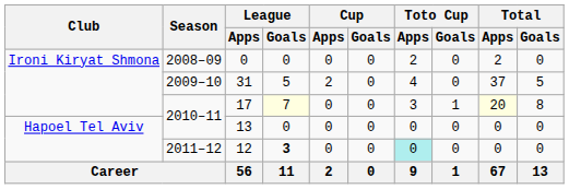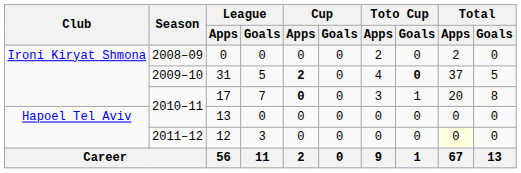 <table class="wikitable" style="font-size:90%; text-align: center;">
 <tr>
 <th rowspan="2">Club</th>
 <th rowspan="2">Season</th>
 <th colspan="2">League</th>
 <th colspan="2">Cup</th>
 <th colspan="2">Toto Cup</th>
 <th colspan="2">Total</th>
 </tr>
 <tr>
 <th>Apps</th>
 <th>Goals</th>
 <th>Apps</th>
 <th>Goals</th>
 <th>Apps</th>
 <th>Goals</th>
 <th>Apps</th>
 <th>Goals</th>
 </tr>
 <tr |-||-||-|>
 <td rowspan="3" valign="top"><a href='#'>Ironi Kiryat Shmona</a></td>
 <td>2008–09</td>
 <td>0</td>
 <td>0</td>
 <td>0</td>
 <td>0</td>
 <td>2</td>
 <td>0</td>
 <td>2</td>
 <td>0</td>
 </tr>
 <tr>
 <td>2009–10</td>
 <td>31</td>
 <td>5</td>
-<td>2</td>
+<td><strong>2</strong></td>
 <td>0</td>
 <td>4</td>
-<td>0</td>
+<td><strong>0</strong></td>
 <td>37</td>
 <td>5</td>
 </tr>
 <tr>
 <td rowspan="2">2010–11</td>
 <td>17</td>
-<td style="background: lightyellow;">7</td>
-<td>0</td>
+<td>7</td>
+<td><strong>0</strong></td>
 <td>0</td>
 <td>3</td>
 <td>1</td>
-<td style="background: lightyellow;">20</td>
+<td>20</td>
 <td>8</td>
 </tr>
 <tr>
 <td rowspan="2" valign="top"><a href='#'>Hapoel Tel Aviv</a></td>
 <td>13</td>
 <td>0</td>
 <td>0</td>
 <td>0</td>
 <td>0</td>
 <td>0</td>
 <td>0</td>
 <td>0</td>
 </tr>
 <tr>
 <td>2011–12</td>
 <td>12</td>
-<td><strong>3</strong></td>
+<td>3</td>
 <td>0</td>
 <td>0</td>
-<td style="background: paleturquoise;">0</td>
 <td>0</td>
 <td>0</td>
+<td style="background: lightyellow;">0</td>
 <td>0</td>
 </tr>
 <tr>
 <th rowspan="1" colspan="2" valign="top">Career</th>
 <th>56</th>
 <th>11</th>
 <th>2</th>
 <th>0</th>
 <th>9</th>
 <th>1</th>
 <th>67</th>
 <th>13</th>
 </tr>
 </table>
